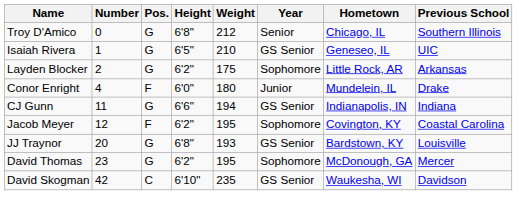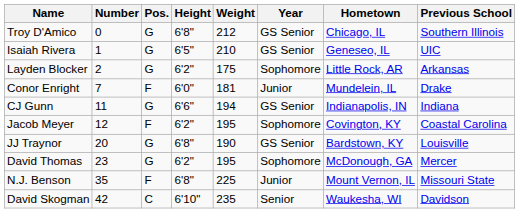 <table class="wikitable sortable" border="1">
 <tr>
 <th>Name</th>
 <th>Number</th>
 <th>Pos.</th>
 <th>Height</th>
 <th>Weight</th>
 <th>Year</th>
 <th>Hometown</th>
 <th>Previous School</th>
 </tr>
 <tr>
 <td>Troy D'Amico</td>
 <td>0</td>
 <td>G</td>
 <td>6'8"</td>
 <td>212</td>
-<td>Senior</td>
+<td>GS Senior</td>
 <td><a href='#'>Chicago, IL</a></td>
 <td><a href='#'>Southern Illinois</a></td>
 </tr>
 <tr>
 <td>Isaiah Rivera</td>
 <td>1</td>
 <td>G</td>
 <td>6'5"</td>
 <td>210</td>
 <td>GS Senior</td>
 <td><a href='#'>Geneseo, IL</a></td>
 <td><a href='#'>UIC</a></td>
 </tr>
 <tr>
 <td>Layden Blocker</td>
 <td>2</td>
 <td>G</td>
 <td>6'2"</td>
 <td>175</td>
 <td>Sophomore</td>
 <td><a href='#'>Little Rock, AR</a></td>
 <td><a href='#'>Arkansas</a></td>
 </tr>
 <tr>
 <td>Conor Enright</td>
-<td>4</td>
+<td>7</td>
 <td>F</td>
 <td>6'0"</td>
-<td>180</td>
+<td>181</td>
 <td> Junior</td>
 <td><a href='#'>Mundelein, IL</a></td>
 <td><a href='#'>Drake</a></td>
 </tr>
 <tr>
 <td>CJ Gunn</td>
 <td>11</td>
 <td>G</td>
 <td>6'6"</td>
 <td>194</td>
 <td>GS Senior</td>
 <td><a href='#'>Indianapolis, IN</a></td>
 <td><a href='#'>Indiana</a></td>
 </tr>
 <tr>
 <td>Jacob Meyer</td>
 <td>12</td>
 <td>F</td>
 <td>6'2"</td>
 <td>195</td>
 <td>Sophomore</td>
 <td><a href='#'>Covington, KY</a></td>
 <td><a href='#'>Coastal Carolina</a></td>
 </tr>
 <tr>
 <td>JJ Traynor</td>
 <td>20</td>
 <td>G</td>
 <td>6'8"</td>
-<td>193</td>
+<td>190</td>
 <td>GS Senior</td>
 <td><a href='#'>Bardstown, KY</a></td>
 <td><a href='#'>Louisville</a></td>
 </tr>
 <tr>
 <td>David Thomas</td>
 <td>23</td>
 <td>G</td>
 <td>6'2"</td>
 <td>195</td>
 <td>Sophomore</td>
 <td><a href='#'>McDonough, GA</a></td>
 <td><a href='#'>Mercer</a></td>
 </tr>
 <tr>
+<td>N.J. Benson</td>
+<td>35</td>
+<td>F</td>
+<td>6'8"</td>
+<td>225</td>
+<td>Junior</td>
+<td><a href='#'>Mount Vernon, IL</a></td>
+<td><a href='#'>Missouri State</a></td>
+</tr>
+<tr>
 <td>David Skogman</td>
 <td>42</td>
 <td>C</td>
 <td>6'10"</td>
 <td>235</td>
-<td>GS Senior</td>
+<td>Senior</td>
 <td><a href='#'>Waukesha, WI</a></td>
 <td><a href='#'>Davidson</a></td>
 </tr>
 </table>
